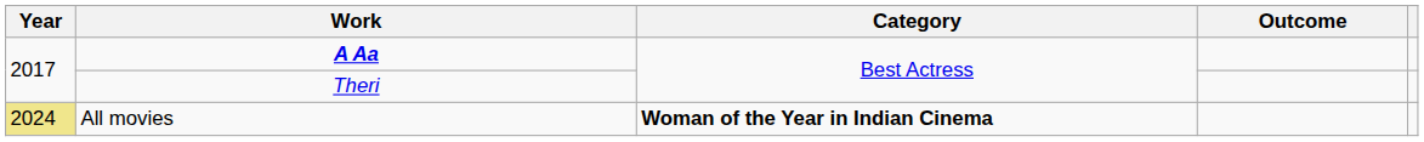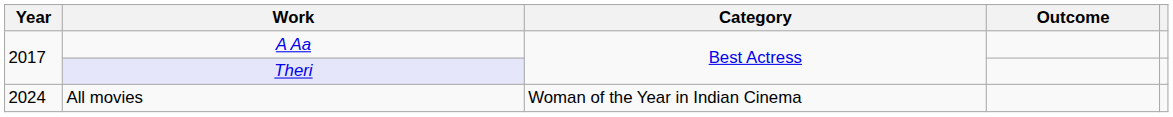 <table class="wikitable" style="width:70%;">
 <tr>
 <th width=5%>Year</th>
 <th style="width:40%;">Work</th>
 <th style="width:40%;">Category</th>
 <th style="width:15%;">Outcome</th>
 <th scope="col" style="width:5%;"></th>
 </tr>
 <tr>
 <td rowspan="2" style="text-align:left;">2017</td>
-<td style="text-align:center;"><strong><em><a href='#'>A Aa</a></em></strong></td>
+<td style="text-align:center;"><em><a href='#'>A Aa</a></em></td>
 <td rowspan="2" style="text-align:center;"><a href='#'>Best Actress</a></td>
 <td></td>
 <td style="text-align:center;"></td>
 </tr>
 <tr>
-<td style="text-align:center;"><em><a href='#'>Theri</a></em></td>
+<td style="background: lavender; text-align:center;"><em><a href='#'>Theri</a></em></td>
 <td></td>
 <td></td>
 </tr>
 <tr>
-<td style="background: khaki;">2024</td>
+<td>2024</td>
 <td>All movies</td>
-<td><strong>Woman of the Year in Indian Cinema</strong></td>
+<td>Woman of the Year in Indian Cinema</td>
 <td></td>
 <td></td>
 </tr>
 </table>
